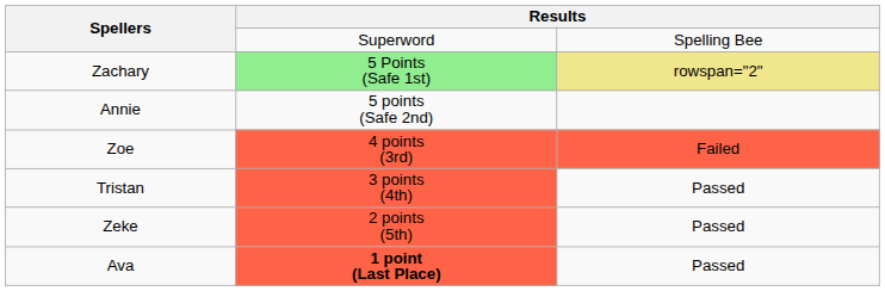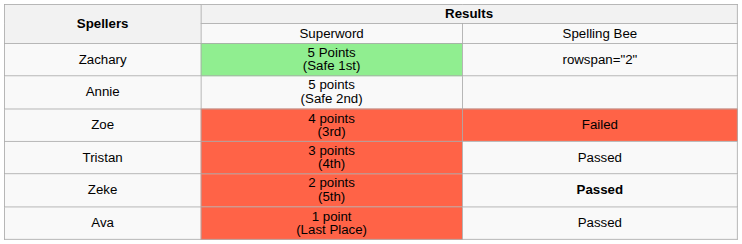 <table class="wikitable plainrowheaders" style="text-align:center; line-height:16px; width:100%;">
 <tr>
 <th rowspan="2">Spellers</th>
 <th colspan="2">Results</th>
 </tr>
 <tr>
 <td>Superword</td>
 <td>Spelling Bee</td>
 </tr>
 <tr>
 <td>Zachary</td>
 <td rowspan="1" style="background: lightgreen; color: black;">5 Points<br>(Safe 1st)</td>
-<td style="background: khaki;">rowspan="2" </td>
+<td>rowspan="2" </td>
 </tr>
 <tr>
 <td>Annie</td>
 <td rowspan="1">5 points<br>(Safe 2nd)</td>
 </tr>
 <tr>
 <td>Zoe</td>
 <td rowspan="1" style="background: tomato; color: black;">4 points<br>(3rd)</td>
 <td style="background: tomato; color: black;">Failed</td>
 </tr>
 <tr>
 <td>Tristan</td>
 <td rowspan="1" style="background: tomato; color: black;">3 points<br>(4th)</td>
 <td>Passed</td>
 </tr>
 <tr>
 <td>Zeke</td>
 <td rowspan="1" style="background: tomato; color: black;">2 points<br>(5th)</td>
-<td>Passed</td>
+<td><strong>Passed</strong></td>
 </tr>
 <tr>
 <td>Ava</td>
-<td rowspan="1" style="background: tomato; color: black;"><strong>1 point<br>(Last Place)</strong></td>
+<td rowspan="1" style="background: tomato; color: black;">1 point<br>(Last Place)</td>
 <td>Passed</td>
 </tr>
 </table>
